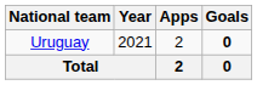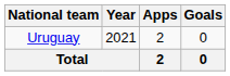 <table class="wikitable" style="text-align:center">
 <tr>
 <th>National team</th>
 <th>Year</th>
 <th>Apps</th>
 <th>Goals</th>
 </tr>
 <tr>
 <td rowspan=1><a href='#'>Uruguay</a></td>
 <td>2021</td>
 <td>2</td>
-<td><strong>0</strong></td>
+<td>0</td>
 </tr>
 <tr>
 <th colspan=2>Total</th>
 <th>2</th>
 <th>0</th>
 </tr>
 </table>
